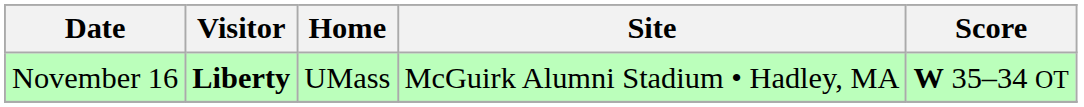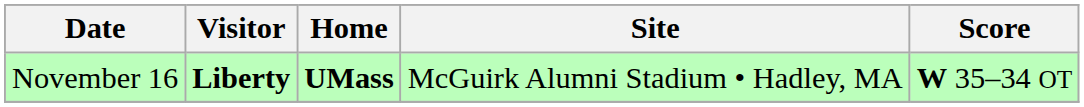 <table class="wikitable">
 <tr>
 <th>Date</th>
 <th>Visitor</th>
 <th>Home</th>
 <th>Site</th>
 <th>Score</th>
 </tr>
 <tr style="background:#bfb;">
 <td>November 16</td>
 <td><strong>Liberty</strong></td>
-<td>UMass</td>
+<td><strong>UMass</strong></td>
 <td>McGuirk Alumni Stadium • Hadley, MA</td>
 <td><strong>W</strong> 35–34 <small>OT</small></td>
 </tr>
 <tr>
 </tr>
 </table>
